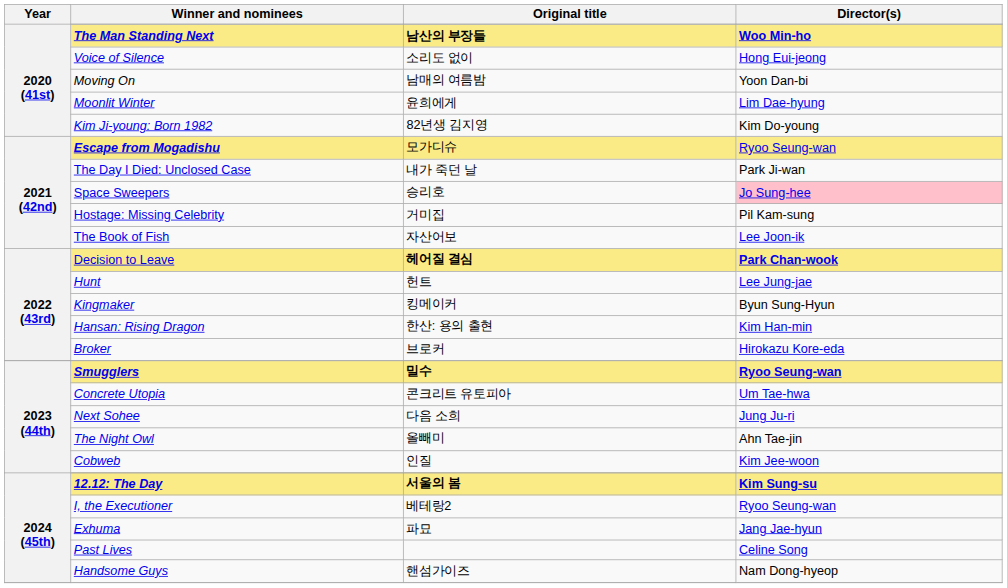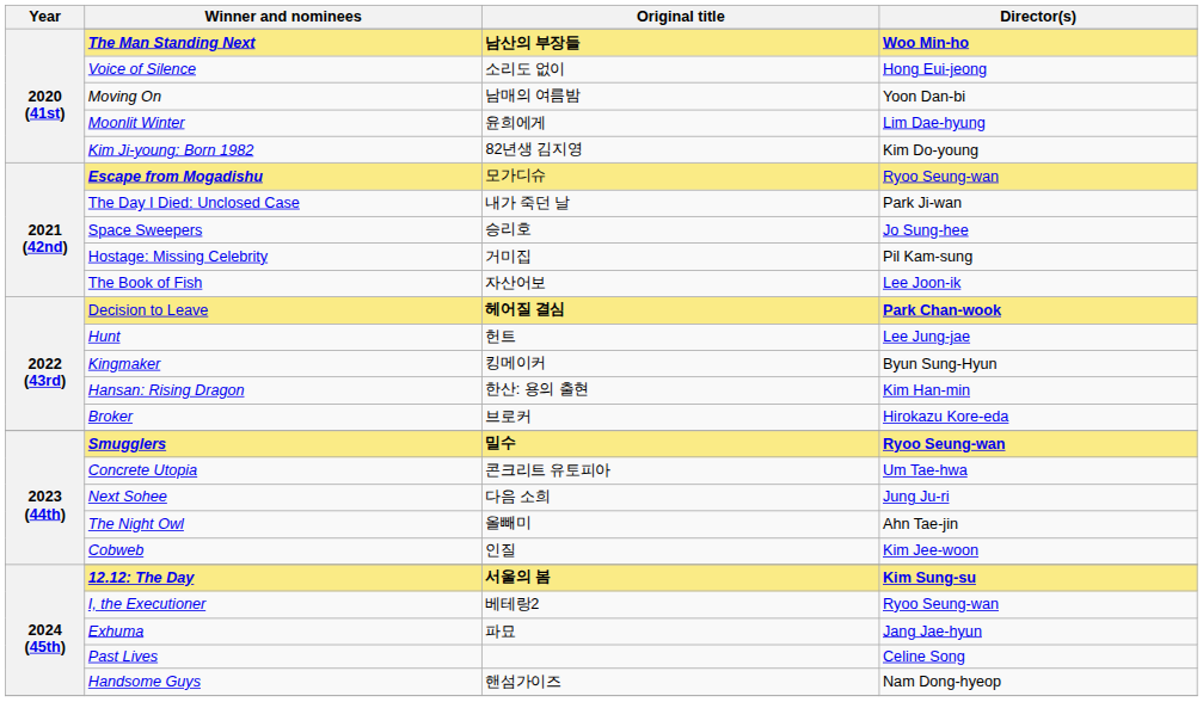 <table class="wikitable" style="width:100%;" cellpadding="6">
 <tr>
 <th style="width:5%;">Year</th>
 <th style="width:25%;">Winner and nominees</th>
 <th style="width:25%;">Original title</th>
 <th style="width:20%;">Director(s)</th>
 </tr>
 <tr>
 <th rowspan="6"><div><br>2020 (<a href='#'>41st</a>)</div></th>
 </tr>
 <tr style="background:#FAEB86;">
 <td><strong><em><a href='#'>The Man Standing Next</a></em></strong> </td>
 <td><strong>남산의 부장들</strong></td>
 <td><strong><a href='#'>Woo Min-ho</a></strong></td>
 </tr>
 <tr>
 <td><a href='#'><em>Voice of Silence</em></a></td>
 <td>소리도 없이</td>
 <td><a href='#'>Hong Eui-jeong</a></td>
 </tr>
 <tr>
 <td><em>Moving On</em></td>
 <td>남매의 여름밤</td>
 <td>Yoon Dan-bi</td>
 </tr>
 <tr>
 <td><em><a href='#'>Moonlit Winter</a></em></td>
 <td>윤희에게</td>
 <td><a href='#'>Lim Dae-hyung</a></td>
 </tr>
 <tr>
 <td><em><a href='#'>Kim Ji-young: Born 1982</a></em></td>
 <td>82년생 김지영</td>
 <td>Kim Do-young</td>
 </tr>
 <tr>
 <th rowspan="5"><div><br>2021 (<a href='#'>42nd</a>)</div></th>
 <td style="background:#FAEB86;"><strong><em><a href='#'>Escape from Mogadishu</a><em> <strong></td>
 <td style="background:#FAEB86;"></strong>모가디슈<strong></td>
 <td style="background:#FAEB86;"></strong><a href='#'>Ryoo Seung-wan</a><strong></td>
 </tr>
 <tr>
 <td></em><a href='#'>The Day I Died: Unclosed Case</a><em></td>
 <td>내가 죽던 날</td>
 <td>Park Ji-wan</td>
 </tr>
 <tr>
 <td></em><a href='#'>Space Sweepers</a><em></td>
 <td>승리호</td>
-<td style="background: pink;"><a href='#'>Jo Sung-hee</a></td>
+<td><a href='#'>Jo Sung-hee</a></td>
 </tr>
 <tr>
 <td></em><a href='#'>Hostage: Missing Celebrity</a><em></td>
 <td>거미집</td>
 <td>Pil Kam-sung</td>
 </tr>
 <tr>
 <td></em><a href='#'>The Book of Fish</a><em></td>
 <td>자산어보</td>
 <td><a href='#'>Lee Joon-ik</a></td>
 </tr>
 <tr>
 <th rowspan="5"><div><br>2022 (<a href='#'>43rd</a>)</div></th>
 <td style="background:#FAEB86;"></em></strong><a href='#'>Decision to Leave</a></em> </strong></td>
 <td style="background:#FAEB86;"><strong>헤어질 결심</strong></td>
 <td style="background:#FAEB86;"><strong><a href='#'>Park Chan-wook</a></strong></td>
 </tr>
 <tr>
 <td><em><a href='#'>Hunt</a></em></td>
 <td>헌트</td>
 <td><a href='#'>Lee Jung-jae</a></td>
 </tr>
 <tr>
 <td><em><a href='#'>Kingmaker</a></em></td>
 <td>킹메이커</td>
 <td>Byun Sung-Hyun</td>
 </tr>
 <tr>
 <td><em><a href='#'>Hansan: Rising Dragon</a></em></td>
 <td>한산: 용의 출현</td>
 <td><a href='#'>Kim Han-min</a></td>
 </tr>
 <tr>
 <td><em><a href='#'>Broker</a></em></td>
 <td>브로커</td>
 <td><a href='#'>Hirokazu Kore-eda</a></td>
 </tr>
 <tr>
 </tr>
 <tr>
 <th rowspan="6"><div><br>2023 (<a href='#'>44th</a>)</div></th>
 </tr>
 <tr style="background:#FAEB86;">
 <td><strong><em><a href='#'>Smugglers</a></em></strong> </td>
 <td><strong>밀수</strong></td>
 <td><strong><a href='#'>Ryoo Seung-wan</a></strong></td>
 </tr>
 <tr>
 <td><em><a href='#'>Concrete Utopia</a></em></td>
 <td>콘크리트 유토피아</td>
 <td><a href='#'>Um Tae-hwa</a></td>
 </tr>
 <tr>
 <td><em><a href='#'>Next Sohee</a></em></td>
 <td>다음 소희</td>
 <td><a href='#'>Jung Ju-ri</a></td>
 </tr>
 <tr>
 <td><em><a href='#'>The Night Owl</a></em></td>
 <td>올빼미</td>
 <td>Ahn Tae-jin</td>
 </tr>
 <tr>
 <td><em><a href='#'>Cobweb</a></em></td>
 <td>인질</td>
 <td><a href='#'>Kim Jee-woon</a></td>
 </tr>
 <tr>
 <th rowspan="6"><div><br>2024 (<a href='#'>45th</a>)</div></th>
 </tr>
 <tr style="background:#FAEB86;">
 <td><strong><em><a href='#'>12.12: The Day</a></em></strong> </td>
 <td><strong>서울의 봄</strong></td>
 <td><strong><a href='#'>Kim Sung-su</a></strong></td>
 </tr>
 <tr>
 <td><em><a href='#'>I, the Executioner</a></em></td>
 <td>베테랑2</td>
 <td><a href='#'>Ryoo Seung-wan</a></td>
 </tr>
 <tr>
 <td><em><a href='#'>Exhuma</a></em></td>
 <td>파묘</td>
 <td><a href='#'>Jang Jae-hyun</a></td>
 </tr>
 <tr>
 <td><em><a href='#'>Past Lives</a></em></td>
 <td></td>
 <td><a href='#'>Celine Song</a></td>
 </tr>
 <tr>
 <td><em><a href='#'>Handsome Guys</a></em></td>
 <td>핸섬가이즈</td>
 <td>Nam Dong-hyeop</td>
 </tr>
 <tr>
 </tr>
 </table>
